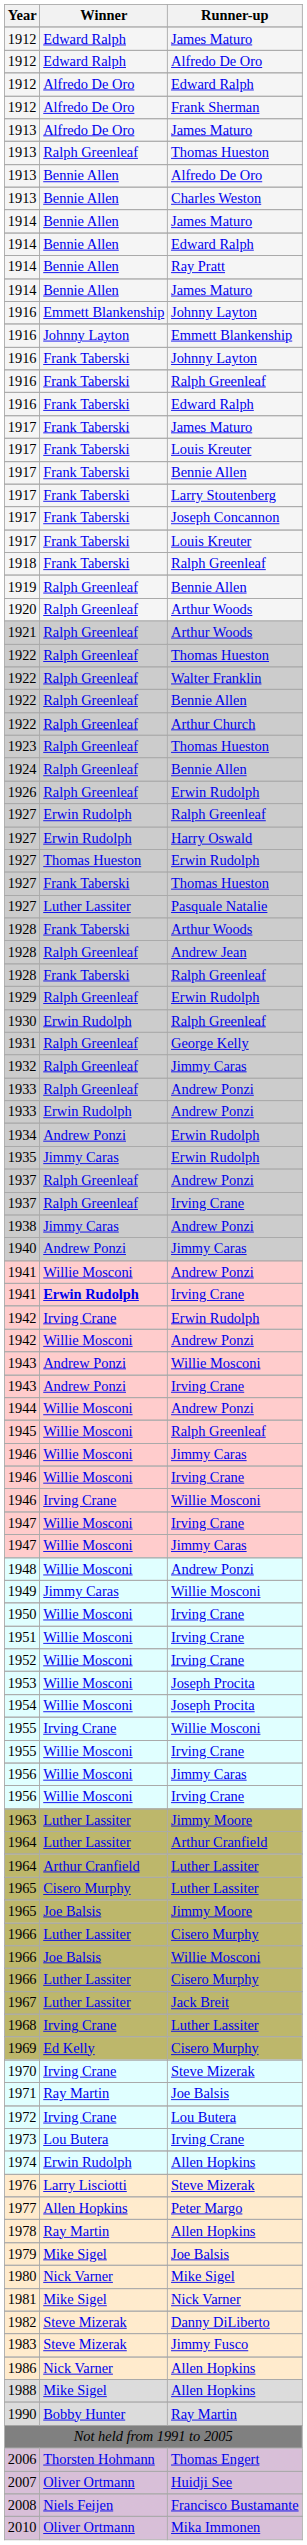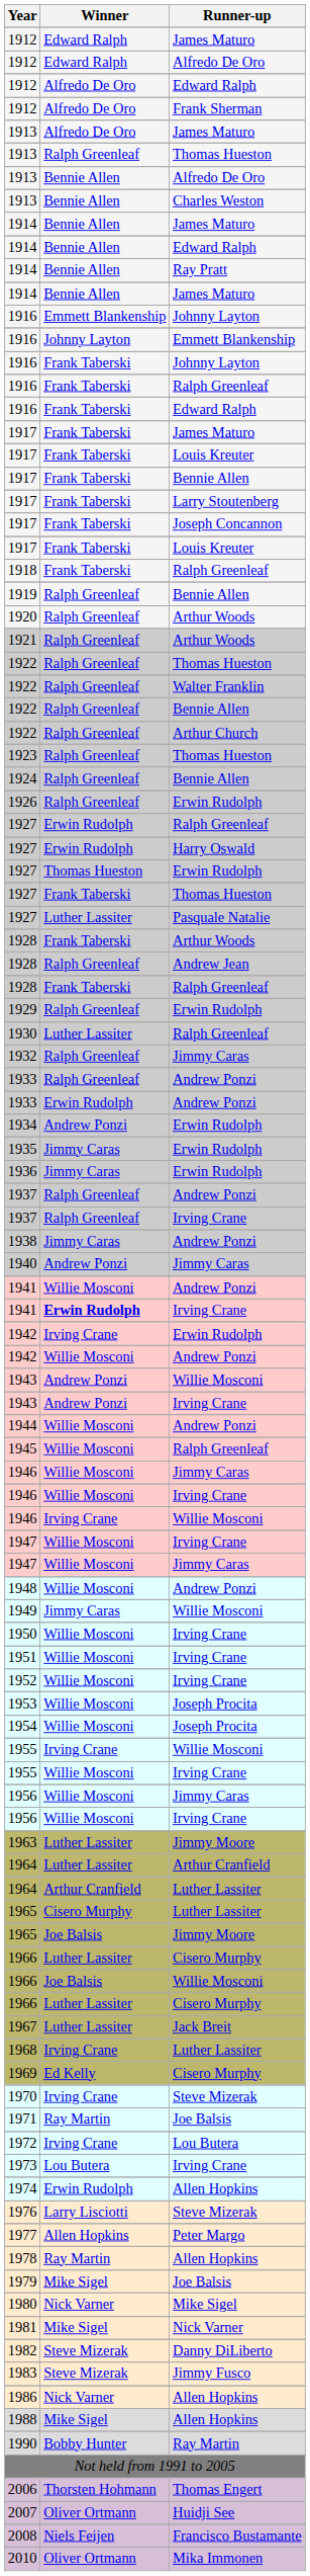 <table class="wikitable sortable" style="font-size:100%; text-align: left;">
 <tr>
 <th>Year</th>
 <th>Winner</th>
 <th>Runner-up</th>
 </tr>
 <tr>
 </tr>
 <tr style="background:#F5F5F5;">
 <td>1912</td>
 <td> <a href='#'>Edward Ralph</a></td>
 <td> <a href='#'>James Maturo</a></td>
 </tr>
 <tr>
 </tr>
 <tr style="background:#F5F5F5;">
 <td>1912</td>
 <td> <a href='#'>Edward Ralph</a></td>
 <td> <a href='#'>Alfredo De Oro</a></td>
 </tr>
 <tr>
 </tr>
 <tr style="background:#F5F5F5;">
 <td>1912</td>
 <td> <a href='#'>Alfredo De Oro</a></td>
 <td> <a href='#'>Edward Ralph</a></td>
 </tr>
 <tr>
 </tr>
 <tr style="background:#F5F5F5;">
 <td>1912</td>
 <td> <a href='#'>Alfredo De Oro</a></td>
 <td> <a href='#'>Frank Sherman</a></td>
 </tr>
 <tr>
 </tr>
 <tr style="background:#F5F5F5;">
 <td>1913</td>
 <td> <a href='#'>Alfredo De Oro</a></td>
 <td> <a href='#'>James Maturo</a></td>
 </tr>
 <tr>
 </tr>
 <tr style="background:#F5F5F5;">
 <td>1913</td>
 <td> <a href='#'>Ralph Greenleaf</a></td>
 <td> <a href='#'>Thomas Hueston</a></td>
 </tr>
 <tr>
 </tr>
 <tr style="background:#F5F5F5;">
 <td>1913</td>
 <td> <a href='#'>Bennie Allen</a></td>
 <td> <a href='#'>Alfredo De Oro</a></td>
 </tr>
 <tr>
 </tr>
 <tr style="background:#F5F5F5;">
 <td>1913</td>
 <td> <a href='#'>Bennie Allen</a></td>
 <td> <a href='#'>Charles Weston</a></td>
 </tr>
 <tr>
 </tr>
 <tr style="background:#F5F5F5;">
 <td>1914</td>
 <td> <a href='#'>Bennie Allen</a></td>
 <td> <a href='#'>James Maturo</a></td>
 </tr>
 <tr>
 </tr>
 <tr style="background:#F5F5F5;">
 <td>1914</td>
 <td> <a href='#'>Bennie Allen</a></td>
 <td> <a href='#'>Edward Ralph</a></td>
 </tr>
 <tr>
 </tr>
 <tr style="background:#F5F5F5;">
 <td>1914</td>
 <td> <a href='#'>Bennie Allen</a></td>
 <td> <a href='#'>Ray Pratt</a></td>
 </tr>
 <tr>
 </tr>
 <tr style="background:#F5F5F5;">
 <td>1914</td>
 <td> <a href='#'>Bennie Allen</a></td>
 <td> <a href='#'>James Maturo</a></td>
 </tr>
 <tr>
 </tr>
 <tr style="background:#F5F5F5;">
 <td>1916</td>
 <td> <a href='#'>Emmett Blankenship</a></td>
 <td> <a href='#'>Johnny Layton</a></td>
 </tr>
 <tr>
 </tr>
 <tr style="background:#F5F5F5;">
 <td>1916</td>
 <td> <a href='#'>Johnny Layton</a></td>
 <td> <a href='#'>Emmett Blankenship</a></td>
 </tr>
 <tr>
 </tr>
 <tr style="background:#F5F5F5;">
 <td>1916</td>
 <td> <a href='#'>Frank Taberski</a></td>
 <td> <a href='#'>Johnny Layton</a></td>
 </tr>
 <tr>
 </tr>
 <tr style="background:#F5F5F5;">
 <td>1916</td>
 <td> <a href='#'>Frank Taberski</a></td>
 <td> <a href='#'>Ralph Greenleaf</a></td>
 </tr>
 <tr>
 </tr>
 <tr style="background:#F5F5F5;">
 <td>1916</td>
 <td> <a href='#'>Frank Taberski</a></td>
 <td> <a href='#'>Edward Ralph</a></td>
 </tr>
 <tr>
 </tr>
 <tr style="background:#F5F5F5;">
 <td>1917</td>
 <td> <a href='#'>Frank Taberski</a></td>
 <td> <a href='#'>James Maturo</a></td>
 </tr>
 <tr>
 </tr>
 <tr style="background:#F5F5F5;">
 <td>1917</td>
 <td> <a href='#'>Frank Taberski</a></td>
 <td> <a href='#'>Louis Kreuter</a></td>
 </tr>
 <tr>
 </tr>
 <tr style="background:#F5F5F5;">
 <td>1917</td>
 <td> <a href='#'>Frank Taberski</a></td>
 <td> <a href='#'>Bennie Allen</a></td>
 </tr>
 <tr>
 </tr>
 <tr style="background:#F5F5F5;">
 <td>1917</td>
 <td> <a href='#'>Frank Taberski</a></td>
 <td> <a href='#'>Larry Stoutenberg</a></td>
 </tr>
 <tr>
 </tr>
 <tr style="background:#F5F5F5;">
 <td>1917</td>
 <td> <a href='#'>Frank Taberski</a></td>
 <td> <a href='#'>Joseph Concannon</a></td>
 </tr>
 <tr>
 </tr>
 <tr style="background:#F5F5F5;">
 <td>1917</td>
 <td> <a href='#'>Frank Taberski</a></td>
 <td> <a href='#'>Louis Kreuter</a></td>
 </tr>
 <tr>
 </tr>
 <tr style="background:#F5F5F5;">
 <td>1918</td>
 <td> <a href='#'>Frank Taberski</a></td>
 <td> <a href='#'>Ralph Greenleaf</a></td>
 </tr>
 <tr>
 </tr>
 <tr style="background:#F5F5F5">
 <td>1919</td>
 <td> <a href='#'>Ralph Greenleaf</a></td>
 <td> <a href='#'>Bennie Allen</a></td>
 </tr>
 <tr>
 </tr>
 <tr style="background:#F5F5F5;">
 <td>1920</td>
 <td> <a href='#'>Ralph Greenleaf</a></td>
 <td> <a href='#'>Arthur Woods</a></td>
 </tr>
 <tr>
 </tr>
 <tr style="background:#CCCCCC;">
 <td>1921</td>
 <td> <a href='#'>Ralph Greenleaf</a></td>
 <td> <a href='#'>Arthur Woods</a></td>
 </tr>
 <tr>
 </tr>
 <tr style="background:#CCCCCC;">
 <td>1922</td>
 <td> <a href='#'>Ralph Greenleaf</a></td>
 <td> <a href='#'>Thomas Hueston</a></td>
 </tr>
 <tr>
 </tr>
 <tr style="background:#CCCCCC;">
 <td>1922</td>
 <td> <a href='#'>Ralph Greenleaf</a></td>
 <td> <a href='#'>Walter Franklin</a></td>
 </tr>
 <tr>
 </tr>
 <tr style="background:#CCCCCC;">
 <td>1922</td>
 <td> <a href='#'>Ralph Greenleaf</a></td>
 <td> <a href='#'>Bennie Allen</a></td>
 </tr>
 <tr>
 </tr>
 <tr style="background:#CCCCCC;">
 <td>1922</td>
 <td> <a href='#'>Ralph Greenleaf</a></td>
 <td> <a href='#'>Arthur Church</a></td>
 </tr>
 <tr>
 </tr>
 <tr style="background:#CCCCCC;">
 <td>1923</td>
 <td> <a href='#'>Ralph Greenleaf</a></td>
 <td> <a href='#'>Thomas Hueston</a></td>
 </tr>
 <tr>
 </tr>
 <tr style="background:#CCCCCC;">
 <td>1924</td>
 <td> <a href='#'>Ralph Greenleaf</a></td>
 <td> <a href='#'>Bennie Allen</a></td>
 </tr>
 <tr>
 </tr>
 <tr style="background:#CCCCCC;">
 <td>1926</td>
 <td> <a href='#'>Ralph Greenleaf</a></td>
 <td> <a href='#'>Erwin Rudolph</a></td>
 </tr>
 <tr>
 </tr>
 <tr style="background:#CCCCCC;">
 <td>1927</td>
 <td> <a href='#'>Erwin Rudolph</a></td>
 <td> <a href='#'>Ralph Greenleaf</a></td>
 </tr>
 <tr>
 </tr>
 <tr style="background:#CCCCCC;">
 <td>1927</td>
 <td> <a href='#'>Erwin Rudolph</a></td>
 <td> <a href='#'>Harry Oswald</a></td>
 </tr>
 <tr>
 </tr>
 <tr style="background:#CCCCCC;">
 <td>1927</td>
 <td> <a href='#'>Thomas Hueston</a></td>
 <td> <a href='#'>Erwin Rudolph</a></td>
 </tr>
 <tr>
 </tr>
 <tr style="background:#CCCCCC;">
 <td>1927</td>
 <td> <a href='#'>Frank Taberski</a></td>
 <td> <a href='#'>Thomas Hueston</a></td>
 </tr>
 <tr>
 </tr>
 <tr style="background:#CCCCCC;">
 <td>1927</td>
 <td> <a href='#'>Luther Lassiter</a></td>
 <td> <a href='#'>Pasquale Natalie</a></td>
 </tr>
 <tr>
 </tr>
 <tr style="background:#CCCCCC;">
 <td>1928</td>
 <td> <a href='#'>Frank Taberski</a></td>
 <td> <a href='#'>Arthur Woods</a></td>
 </tr>
 <tr>
 </tr>
 <tr style="background:#CCCCCC;">
 <td>1928</td>
 <td> <a href='#'>Ralph Greenleaf</a></td>
 <td> <a href='#'>Andrew Jean</a></td>
 </tr>
 <tr>
 </tr>
 <tr style="background:#CCCCCC;">
 <td>1928</td>
 <td> <a href='#'>Frank Taberski</a></td>
 <td> <a href='#'>Ralph Greenleaf</a></td>
 </tr>
 <tr>
 </tr>
 <tr style="background:#CCCCCC;">
 <td>1929</td>
 <td> <a href='#'>Ralph Greenleaf</a></td>
 <td> <a href='#'>Erwin Rudolph</a></td>
 </tr>
 <tr>
 </tr>
 <tr style="background:#CCCCCC;">
 <td>1930</td>
-<td> <a href='#'>Erwin Rudolph</a></td>
+<td> <a href='#'>Luther Lassiter</a></td>
 <td> <a href='#'>Ralph Greenleaf</a></td>
 </tr>
 <tr>
-</tr>
-<tr style="background:#CCCCCC;">
-<td>1931</td>
-<td> <a href='#'>Ralph Greenleaf</a></td>
-<td> <a href='#'>George Kelly</a></td>
 </tr>
 <tr>
 </tr>
 <tr style="background:#CCCCCC;">
 <td>1932</td>
 <td> <a href='#'>Ralph Greenleaf</a></td>
 <td> <a href='#'>Jimmy Caras</a></td>
 </tr>
 <tr>
 </tr>
 <tr style="background:#CCCCCC;">
 <td>1933</td>
 <td> <a href='#'>Ralph Greenleaf</a></td>
 <td> <a href='#'>Andrew Ponzi</a></td>
 </tr>
 <tr>
 </tr>
 <tr style="background:#CCCCCC;">
 <td>1933</td>
 <td> <a href='#'>Erwin Rudolph</a></td>
 <td> <a href='#'>Andrew Ponzi</a></td>
 </tr>
 <tr>
 </tr>
 <tr style="background:#CCCCCC;">
 <td>1934</td>
 <td> <a href='#'>Andrew Ponzi</a></td>
 <td> <a href='#'>Erwin Rudolph</a></td>
 </tr>
 <tr>
 </tr>
 <tr style="background:#CCCCCC;">
 <td>1935</td>
 <td> <a href='#'>Jimmy Caras</a></td>
 <td> <a href='#'>Erwin Rudolph</a></td>
 </tr>
 <tr>
+</tr>
+<tr style="background:#CCCCCC;">
+<td>1936</td>
+<td> <a href='#'>Jimmy Caras</a></td>
+<td> <a href='#'>Erwin Rudolph</a></td>
 </tr>
 <tr>
 </tr>
 <tr style="background:#CCCCCC;">
 <td>1937</td>
 <td> <a href='#'>Ralph Greenleaf</a></td>
 <td> <a href='#'>Andrew Ponzi</a></td>
 </tr>
 <tr>
 </tr>
 <tr style="background:#CCCCCC;">
 <td>1937</td>
 <td> <a href='#'>Ralph Greenleaf</a></td>
 <td> <a href='#'>Irving Crane</a></td>
 </tr>
 <tr>
 </tr>
 <tr style="background:#CCCCCC;">
 <td>1938</td>
 <td> <a href='#'>Jimmy Caras</a></td>
 <td> <a href='#'>Andrew Ponzi</a></td>
 </tr>
 <tr>
 </tr>
 <tr style="background:#CCCCCC;">
 <td>1940</td>
 <td> <a href='#'>Andrew Ponzi</a></td>
 <td> <a href='#'>Jimmy Caras</a></td>
 </tr>
 <tr>
 </tr>
 <tr style="background:#FFCCCC;">
 <td>1941</td>
 <td> <a href='#'>Willie Mosconi</a></td>
 <td> <a href='#'>Andrew Ponzi</a></td>
 </tr>
 <tr>
 </tr>
 <tr style="background:#FFCCCC;">
 <td>1941</td>
 <td><strong> <a href='#'>Erwin Rudolph</a></strong></td>
 <td> <a href='#'>Irving Crane</a></td>
 </tr>
 <tr>
 </tr>
 <tr style="background:#FFCCCC;">
 <td>1942</td>
 <td> <a href='#'>Irving Crane</a></td>
 <td> <a href='#'>Erwin Rudolph</a></td>
 </tr>
 <tr>
 </tr>
 <tr style="background:#FFCCCC;">
 <td>1942</td>
 <td> <a href='#'>Willie Mosconi</a></td>
 <td> <a href='#'>Andrew Ponzi</a></td>
 </tr>
 <tr>
 </tr>
 <tr style="background:#FFCCCC;">
 <td>1943</td>
 <td> <a href='#'>Andrew Ponzi</a></td>
 <td> <a href='#'>Willie Mosconi</a></td>
 </tr>
 <tr>
 </tr>
 <tr style="background:#FFCCCC;">
 <td>1943</td>
 <td> <a href='#'>Andrew Ponzi</a></td>
 <td> <a href='#'>Irving Crane</a></td>
 </tr>
 <tr>
 </tr>
 <tr style="background:#FFCCCC;">
 <td>1944</td>
 <td> <a href='#'>Willie Mosconi</a></td>
 <td> <a href='#'>Andrew Ponzi</a></td>
 </tr>
 <tr>
 </tr>
 <tr style="background:#FFCCCC;">
 <td>1945</td>
 <td> <a href='#'>Willie Mosconi</a></td>
 <td> <a href='#'>Ralph Greenleaf</a></td>
 </tr>
 <tr>
 </tr>
 <tr style="background:#FFCCCC;">
 <td>1946</td>
 <td> <a href='#'>Willie Mosconi</a></td>
 <td> <a href='#'>Jimmy Caras</a></td>
 </tr>
 <tr>
 </tr>
 <tr style="background:#FFCCCC;">
 <td>1946</td>
 <td> <a href='#'>Willie Mosconi</a></td>
 <td> <a href='#'>Irving Crane</a></td>
 </tr>
 <tr>
 </tr>
 <tr style="background:#FFCCCC;">
 <td>1946</td>
 <td> <a href='#'>Irving Crane</a></td>
 <td> <a href='#'>Willie Mosconi</a></td>
 </tr>
 <tr>
 </tr>
 <tr style="background:#FFCCCC;">
 <td>1947</td>
 <td> <a href='#'>Willie Mosconi</a></td>
 <td> <a href='#'>Irving Crane</a></td>
 </tr>
 <tr>
 </tr>
 <tr style="background:#FFCCCC;">
 <td>1947</td>
 <td> <a href='#'>Willie Mosconi</a></td>
 <td> <a href='#'>Jimmy Caras</a></td>
 </tr>
 <tr>
 </tr>
 <tr style="background:#E0FFFF;">
 <td>1948</td>
 <td> <a href='#'>Willie Mosconi</a></td>
 <td> <a href='#'>Andrew Ponzi</a></td>
 </tr>
 <tr>
 </tr>
 <tr style="background:#E0FFFF;">
 <td>1949</td>
 <td> <a href='#'>Jimmy Caras</a></td>
 <td> <a href='#'>Willie Mosconi</a></td>
 </tr>
 <tr>
 </tr>
 <tr style="background:#E0FFFF;">
 <td>1950</td>
 <td> <a href='#'>Willie Mosconi</a></td>
 <td> <a href='#'>Irving Crane</a></td>
 </tr>
 <tr>
 </tr>
 <tr style="background:#E0FFFF;">
 <td>1951</td>
 <td> <a href='#'>Willie Mosconi</a></td>
 <td> <a href='#'>Irving Crane</a></td>
 </tr>
 <tr>
 </tr>
 <tr style="background:#E0FFFF;">
 <td>1952</td>
 <td> <a href='#'>Willie Mosconi</a></td>
 <td> <a href='#'>Irving Crane</a></td>
 </tr>
 <tr>
 </tr>
 <tr style="background:#E0FFFF;">
 <td>1953</td>
 <td> <a href='#'>Willie Mosconi</a></td>
 <td> <a href='#'>Joseph Procita</a></td>
 </tr>
 <tr>
 </tr>
 <tr style="background:#E0FFFF;">
 <td>1954</td>
 <td> <a href='#'>Willie Mosconi</a></td>
 <td> <a href='#'>Joseph Procita</a></td>
 </tr>
 <tr>
 </tr>
 <tr style="background:#E0FFFF;">
 <td>1955</td>
 <td> <a href='#'>Irving Crane</a></td>
 <td> <a href='#'>Willie Mosconi</a></td>
 </tr>
 <tr>
 </tr>
 <tr style="background:#E0FFFF;">
 <td>1955</td>
 <td> <a href='#'>Willie Mosconi</a></td>
 <td> <a href='#'>Irving Crane</a></td>
 </tr>
 <tr>
 </tr>
 <tr style="background:#E0FFFF;">
 <td>1956</td>
 <td> <a href='#'>Willie Mosconi</a></td>
 <td> <a href='#'>Jimmy Caras</a></td>
 </tr>
 <tr>
 </tr>
 <tr style="background:#E0FFFF;">
 <td>1956</td>
 <td> <a href='#'>Willie Mosconi</a></td>
 <td> <a href='#'>Irving Crane</a></td>
 </tr>
 <tr>
 </tr>
 <tr style="background:#BDB76b;">
 <td>1963</td>
 <td> <a href='#'>Luther Lassiter</a></td>
 <td> <a href='#'>Jimmy Moore</a></td>
 </tr>
 <tr>
 </tr>
 <tr style="background:#BDB76b;">
 <td>1964</td>
 <td> <a href='#'>Luther Lassiter</a></td>
 <td> <a href='#'>Arthur Cranfield</a></td>
 </tr>
 <tr>
 </tr>
 <tr style="background:#BDB76b;">
 <td>1964</td>
 <td> <a href='#'>Arthur Cranfield</a></td>
 <td> <a href='#'>Luther Lassiter</a></td>
 </tr>
 <tr>
 </tr>
 <tr style="background:#BDB76b;">
 <td>1965</td>
 <td> <a href='#'>Cisero Murphy</a></td>
 <td> <a href='#'>Luther Lassiter</a></td>
 </tr>
 <tr>
 </tr>
 <tr style="background:#BDB76b;">
 <td>1965</td>
 <td> <a href='#'>Joe Balsis</a></td>
 <td> <a href='#'>Jimmy Moore</a></td>
 </tr>
 <tr>
 </tr>
 <tr style="background:#BDB76b;">
 <td>1966</td>
 <td> <a href='#'>Luther Lassiter</a></td>
 <td> <a href='#'>Cisero Murphy</a></td>
 </tr>
 <tr>
 </tr>
 <tr style="background:#BDB76b;">
 <td>1966</td>
 <td> <a href='#'>Joe Balsis</a></td>
 <td> <a href='#'>Willie Mosconi</a></td>
 </tr>
 <tr>
 </tr>
 <tr style="background:#BDB76b;">
 <td>1966</td>
 <td> <a href='#'>Luther Lassiter</a></td>
 <td> <a href='#'>Cisero Murphy</a></td>
 </tr>
 <tr>
 </tr>
 <tr style="background:#BDB76b;">
 <td>1967</td>
 <td> <a href='#'>Luther Lassiter</a></td>
 <td> <a href='#'>Jack Breit</a></td>
 </tr>
 <tr>
 </tr>
 <tr style="background:#BDB76b;">
 <td>1968</td>
 <td> <a href='#'>Irving Crane</a></td>
 <td> <a href='#'>Luther Lassiter</a></td>
 </tr>
 <tr>
 </tr>
 <tr style="background:#BDB76b;">
 <td>1969</td>
 <td> <a href='#'>Ed Kelly</a></td>
 <td> <a href='#'>Cisero Murphy</a></td>
 </tr>
 <tr>
 </tr>
 <tr style="background:#E0FFFF;">
 <td>1970</td>
 <td> <a href='#'>Irving Crane</a></td>
 <td> <a href='#'>Steve Mizerak</a></td>
 </tr>
 <tr>
 </tr>
 <tr style="background:#E0FFFF;">
 <td>1971</td>
 <td> <a href='#'>Ray Martin</a></td>
 <td> <a href='#'>Joe Balsis</a></td>
 </tr>
 <tr>
 </tr>
 <tr style="background:#E0FFFF;">
 <td>1972</td>
 <td> <a href='#'>Irving Crane</a></td>
 <td> <a href='#'>Lou Butera</a></td>
 </tr>
 <tr>
 </tr>
 <tr style="background:#E0FFFF;">
 <td>1973</td>
 <td> <a href='#'>Lou Butera</a></td>
 <td> <a href='#'>Irving Crane</a></td>
 </tr>
 <tr>
 </tr>
 <tr style="background:#E0FFFF;">
 <td>1974</td>
 <td> <a href='#'>Erwin Rudolph</a></td>
 <td> <a href='#'>Allen Hopkins</a></td>
 </tr>
 <tr>
 </tr>
 <tr style="background:#FFEBCD;">
 <td>1976</td>
 <td> <a href='#'>Larry Lisciotti</a></td>
 <td> <a href='#'>Steve Mizerak</a></td>
 </tr>
 <tr>
 </tr>
 <tr style="background:#FFEBCD;">
 <td>1977</td>
 <td> <a href='#'>Allen Hopkins</a></td>
 <td> <a href='#'>Peter Margo</a></td>
 </tr>
 <tr>
 </tr>
 <tr style="background:#FFEBCD;">
 <td>1978</td>
 <td> <a href='#'>Ray Martin</a></td>
 <td> <a href='#'>Allen Hopkins</a></td>
 </tr>
 <tr>
 </tr>
 <tr style="background:#FFEBCD;">
 <td>1979</td>
 <td> <a href='#'>Mike Sigel</a></td>
 <td> <a href='#'>Joe Balsis</a></td>
 </tr>
 <tr>
 </tr>
 <tr style="background:#FFEBCD;">
 <td>1980</td>
 <td> <a href='#'>Nick Varner</a></td>
 <td> <a href='#'>Mike Sigel</a></td>
 </tr>
 <tr>
 </tr>
 <tr style="background:#FFEBCD;">
 <td>1981</td>
 <td> <a href='#'>Mike Sigel</a></td>
 <td> <a href='#'>Nick Varner</a></td>
 </tr>
 <tr>
 </tr>
 <tr style="background:#FFEBCD;">
 <td>1982</td>
 <td> <a href='#'>Steve Mizerak</a></td>
 <td> <a href='#'>Danny DiLiberto</a></td>
 </tr>
 <tr>
 </tr>
 <tr style="background:#FFEBCD;">
 <td>1983</td>
 <td> <a href='#'>Steve Mizerak</a></td>
 <td> <a href='#'>Jimmy Fusco</a></td>
 </tr>
 <tr>
 </tr>
 <tr style="background:#FFEBCD;">
 <td>1986</td>
 <td> <a href='#'>Nick Varner</a></td>
 <td> <a href='#'>Allen Hopkins</a></td>
 </tr>
 <tr>
 </tr>
 <tr style="background:#DCDCDC;">
 <td>1988</td>
 <td> <a href='#'>Mike Sigel</a></td>
 <td> <a href='#'>Allen Hopkins</a></td>
 </tr>
 <tr>
 </tr>
 <tr style="background:#DCDCDC;">
 <td>1990</td>
 <td> <a href='#'>Bobby Hunter</a></td>
 <td> <a href='#'>Ray Martin</a></td>
 </tr>
 <tr>
 <td colspan=3 style="text-align: center; background-color: grey"><em>Not held from 1991 to 2005</em></td>
 </tr>
 <tr style="background:#D8BFD8;">
 <td>2006</td>
 <td> <a href='#'>Thorsten Hohmann</a></td>
 <td> <a href='#'>Thomas Engert</a></td>
 </tr>
 <tr>
 </tr>
 <tr style="background:#D8BFD8;">
 <td>2007</td>
 <td> <a href='#'>Oliver Ortmann</a></td>
 <td> <a href='#'>Huidji See</a></td>
 </tr>
 <tr>
 </tr>
 <tr style="background:#D8BFD8;">
 <td>2008</td>
 <td> <a href='#'>Niels Feijen</a></td>
 <td> <a href='#'>Francisco Bustamante</a></td>
 </tr>
 <tr>
 </tr>
 <tr style="background:#D8BFD8;">
 <td>2010</td>
 <td> <a href='#'>Oliver Ortmann</a></td>
 <td> <a href='#'>Mika Immonen</a></td>
 </tr>
 </table>
